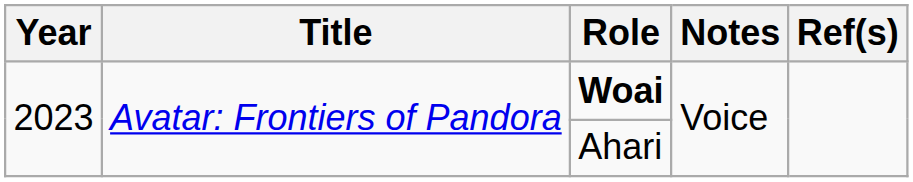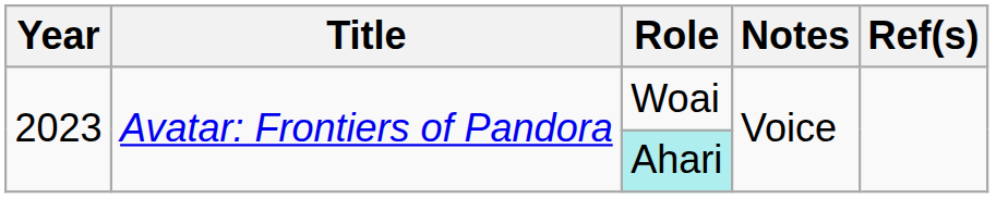 <table class="wikitable">
 <tr>
 <th>Year</th>
 <th>Title</th>
 <th>Role</th>
 <th>Notes</th>
 <th>Ref(s)</th>
 </tr>
 <tr>
 <td rowspan="2">2023</td>
 <td rowspan="2"><em><a href='#'>Avatar: Frontiers of Pandora</a></em></td>
-<td><strong>Woai</strong></td>
+<td>Woai</td>
 <td rowspan="2">Voice</td>
 <td rowspan="2"></td>
 </tr>
 <tr>
-<td>Ahari</td>
+<td style="background: paleturquoise;">Ahari</td>
 </tr>
 </table>
